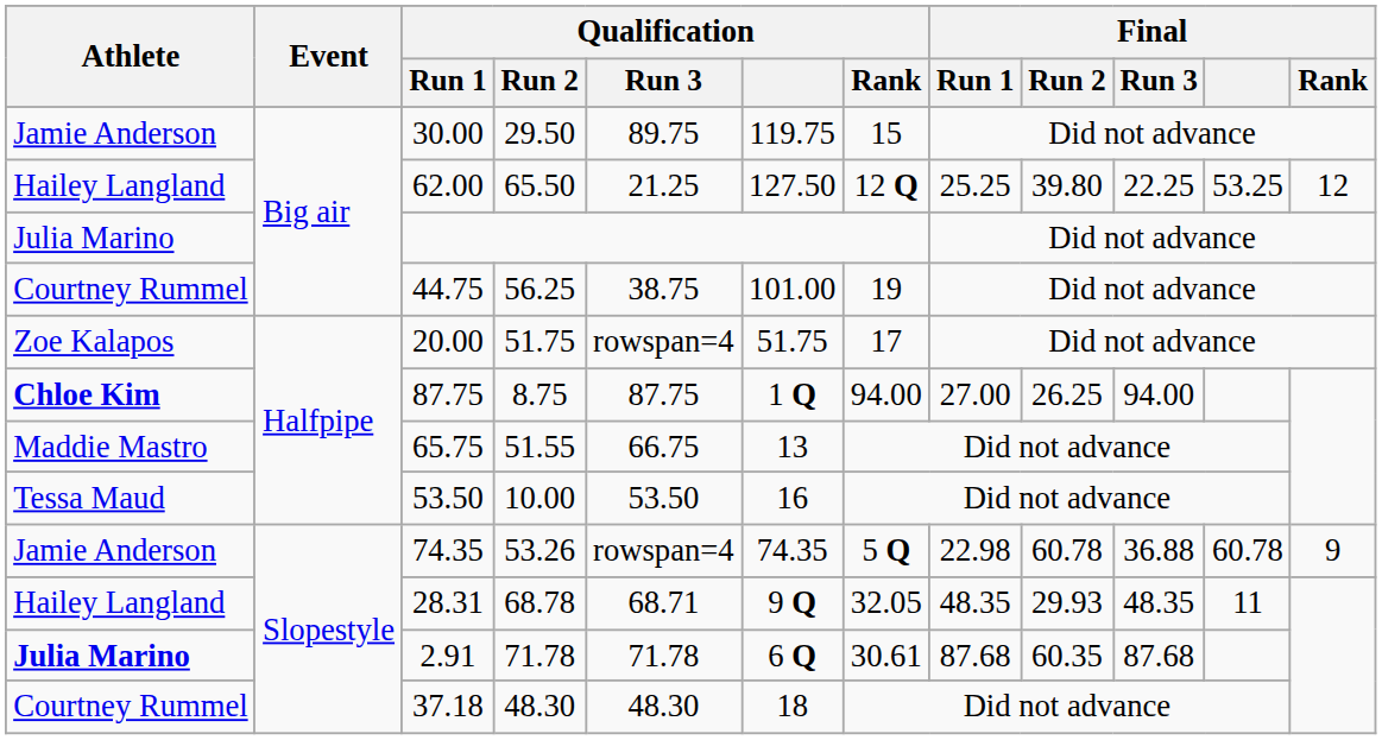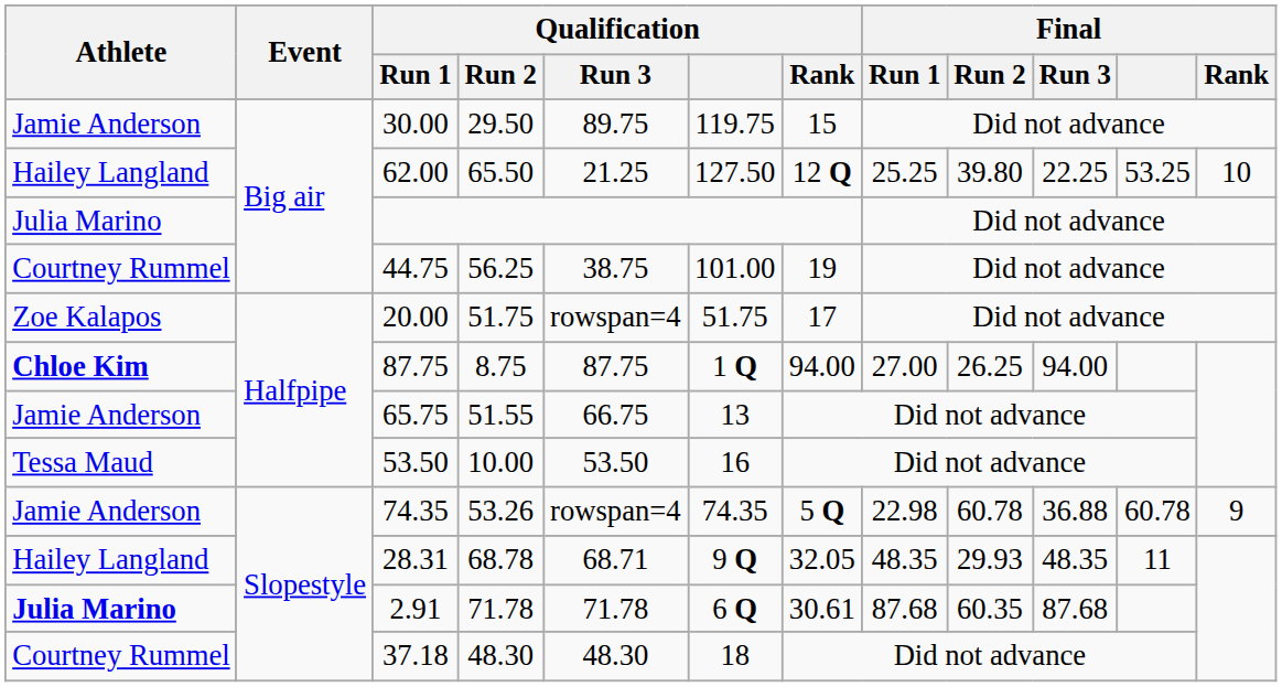 <table class=wikitable style=font-size:90%;text-align:center>
 <tr>
 <th rowspan=2>Athlete</th>
 <th rowspan=2>Event</th>
 <th colspan=5>Qualification</th>
 <th colspan=5>Final</th>
 </tr>
 <tr style=font-size:95%>
 <th>Run 1</th>
 <th>Run 2</th>
 <th>Run 3</th>
 <th></th>
 <th>Rank</th>
 <th>Run 1</th>
 <th>Run 2</th>
 <th>Run 3</th>
 <th></th>
 <th>Rank</th>
 </tr>
 <tr>
 <td align=left><a href='#'>Jamie Anderson</a></td>
 <td align=left rowspan=4><a href='#'>Big air</a></td>
 <td>30.00</td>
 <td>29.50</td>
 <td>89.75</td>
 <td>119.75</td>
 <td>15</td>
 <td colspan=5>Did not advance</td>
 </tr>
 <tr>
 <td align=left><a href='#'>Hailey Langland</a></td>
 <td>62.00</td>
 <td>65.50</td>
 <td>21.25</td>
 <td>127.50</td>
 <td>12 <strong>Q</strong></td>
 <td>25.25</td>
 <td>39.80</td>
 <td>22.25</td>
 <td>53.25</td>
-<td>12</td>
+<td>10</td>
 </tr>
 <tr>
 <td align=left><a href='#'>Julia Marino</a></td>
 <td colspan=5></td>
 <td colspan=5>Did not advance</td>
 </tr>
 <tr>
 <td align=left><a href='#'>Courtney Rummel</a></td>
 <td>44.75</td>
 <td>56.25</td>
 <td>38.75</td>
 <td>101.00</td>
 <td>19</td>
 <td colspan=5>Did not advance</td>
 </tr>
 <tr>
 <td align=left><a href='#'>Zoe Kalapos</a></td>
 <td align=left rowspan=4><a href='#'>Halfpipe</a></td>
 <td>20.00</td>
 <td>51.75</td>
 <td>rowspan=4 </td>
 <td>51.75</td>
 <td>17</td>
 <td colspan=5>Did not advance</td>
 </tr>
 <tr>
 <td align=left><strong><a href='#'>Chloe Kim</a></strong></td>
 <td>87.75</td>
 <td>8.75</td>
 <td>87.75</td>
 <td>1 <strong>Q</strong></td>
 <td>94.00</td>
 <td>27.00</td>
 <td>26.25</td>
 <td>94.00</td>
 <td></td>
 </tr>
 <tr>
-<td align=left><a href='#'>Maddie Mastro</a></td>
+<td align=left><a href='#'>Jamie Anderson</a></td>
 <td>65.75</td>
 <td>51.55</td>
 <td>66.75</td>
 <td>13</td>
 <td colspan=5>Did not advance</td>
 </tr>
 <tr>
 <td align=left><a href='#'>Tessa Maud</a></td>
 <td>53.50</td>
 <td>10.00</td>
 <td>53.50</td>
 <td>16</td>
 <td colspan=5>Did not advance</td>
 </tr>
 <tr>
 <td align=left><a href='#'>Jamie Anderson</a></td>
 <td align=left rowspan=4><a href='#'>Slopestyle</a></td>
 <td>74.35</td>
 <td>53.26</td>
 <td>rowspan=4 </td>
 <td>74.35</td>
 <td>5 <strong>Q</strong></td>
 <td>22.98</td>
 <td>60.78</td>
 <td>36.88</td>
 <td>60.78</td>
 <td>9</td>
 </tr>
 <tr>
 <td align=left><a href='#'>Hailey Langland</a></td>
 <td>28.31</td>
 <td>68.78</td>
 <td>68.71</td>
 <td>9 <strong>Q</strong></td>
 <td>32.05</td>
 <td>48.35</td>
 <td>29.93</td>
 <td>48.35</td>
 <td>11</td>
 </tr>
 <tr>
 <td align=left><strong><a href='#'>Julia Marino</a></strong></td>
 <td>2.91</td>
 <td>71.78</td>
 <td>71.78</td>
 <td>6 <strong>Q</strong></td>
 <td>30.61</td>
 <td>87.68</td>
 <td>60.35</td>
 <td>87.68</td>
 <td></td>
 </tr>
 <tr>
 <td align=left><a href='#'>Courtney Rummel</a></td>
 <td>37.18</td>
 <td>48.30</td>
 <td>48.30</td>
 <td>18</td>
 <td colspan=5>Did not advance</td>
 </tr>
 </table>
